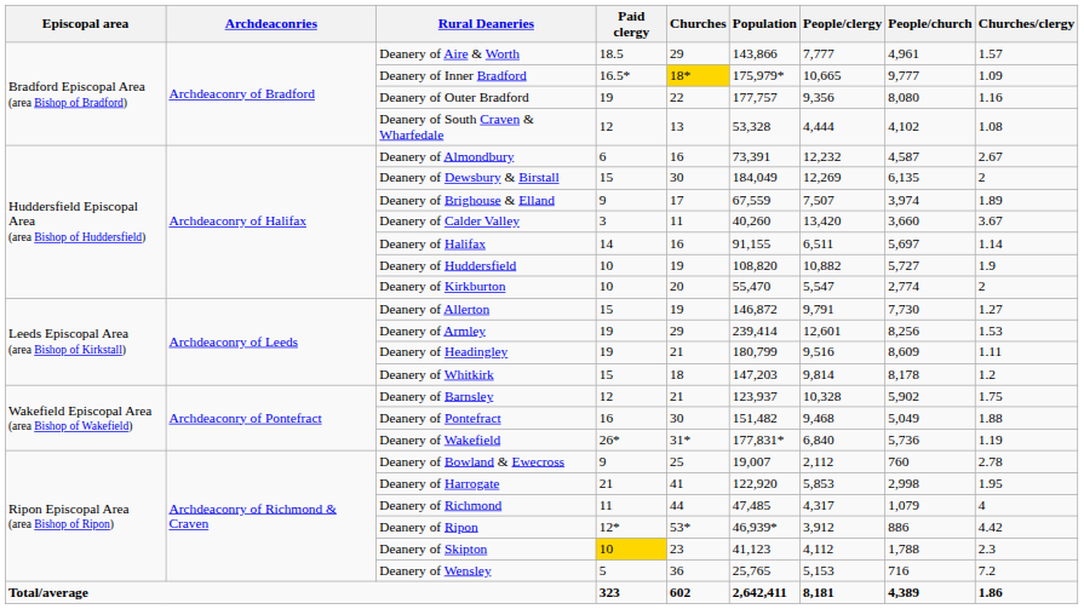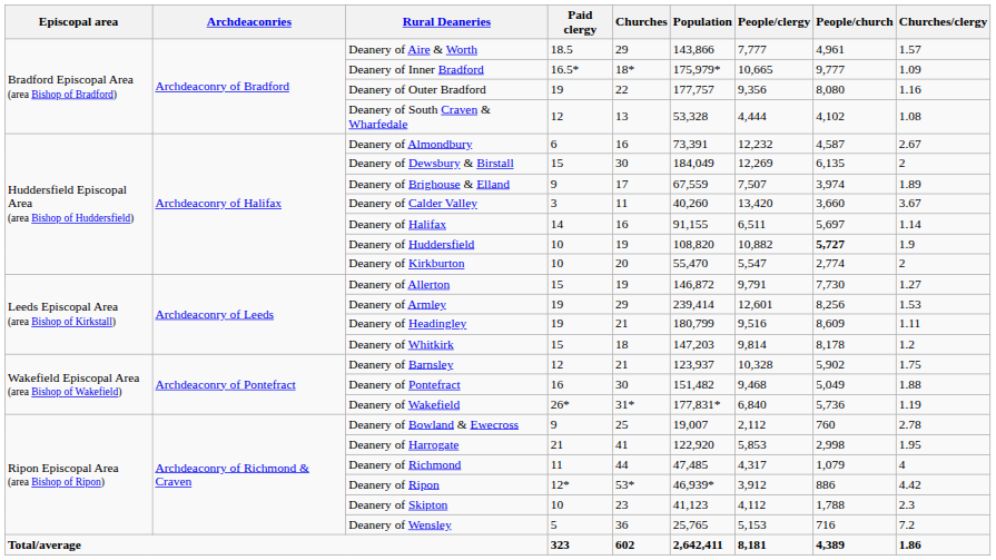 <table class="wikitable sortable">
 <tr>
 <th>Episcopal area</th>
 <th><a href='#'>Archdeaconries</a></th>
 <th><a href='#'>Rural Deaneries</a></th>
 <th>Paid clergy</th>
 <th>Churches</th>
 <th>Population</th>
 <th>People/clergy</th>
 <th>People/church</th>
 <th>Churches/clergy</th>
 </tr>
 <tr>
 <td rowspan="4">Bradford Episcopal Area<br><small>(area <a href='#'>Bishop of Bradford</a>)</small></td>
 <td rowspan="4"><a href='#'>Archdeaconry of Bradford</a></td>
 <td>Deanery of <a href='#'>Aire</a> & <a href='#'>Worth</a></td>
 <td>18.5</td>
 <td>29</td>
 <td>143,866</td>
 <td>7,777</td>
 <td>4,961</td>
 <td>1.57</td>
 </tr>
 <tr>
 <td>Deanery of Inner <a href='#'>Bradford</a></td>
 <td>16.5*</td>
-<td style="background: gold;">18*</td>
+<td>18*</td>
 <td>175,979*</td>
 <td>10,665</td>
 <td>9,777</td>
 <td>1.09</td>
 </tr>
 <tr>
 <td>Deanery of Outer Bradford</td>
 <td>19</td>
 <td>22</td>
 <td>177,757</td>
 <td>9,356</td>
 <td>8,080</td>
 <td>1.16</td>
 </tr>
 <tr>
 <td>Deanery of South <a href='#'>Craven</a> & <a href='#'>Wharfedale</a></td>
 <td>12</td>
 <td>13</td>
 <td>53,328</td>
 <td>4,444</td>
 <td>4,102</td>
 <td>1.08</td>
 </tr>
 <tr>
 <td rowspan="7">Huddersfield Episcopal Area<br><small>(area <a href='#'>Bishop of Huddersfield</a>)</small></td>
 <td rowspan="7"><a href='#'>Archdeaconry of Halifax</a></td>
 <td>Deanery of <a href='#'>Almondbury</a></td>
 <td>6</td>
 <td>16</td>
 <td>73,391</td>
 <td>12,232</td>
 <td>4,587</td>
 <td>2.67</td>
 </tr>
 <tr>
 <td>Deanery of <a href='#'>Dewsbury</a> & <a href='#'>Birstall</a></td>
 <td>15</td>
 <td>30</td>
 <td>184,049</td>
 <td>12,269</td>
 <td>6,135</td>
 <td>2</td>
 </tr>
 <tr>
 <td>Deanery of <a href='#'>Brighouse</a> & <a href='#'>Elland</a></td>
 <td>9</td>
 <td>17</td>
 <td>67,559</td>
 <td>7,507</td>
 <td>3,974</td>
 <td>1.89</td>
 </tr>
 <tr>
 <td>Deanery of <a href='#'>Calder Valley</a></td>
 <td>3</td>
 <td>11</td>
 <td>40,260</td>
 <td>13,420</td>
 <td>3,660</td>
 <td>3.67</td>
 </tr>
 <tr>
 <td>Deanery of <a href='#'>Halifax</a></td>
 <td>14</td>
 <td>16</td>
 <td>91,155</td>
 <td>6,511</td>
 <td>5,697</td>
 <td>1.14</td>
 </tr>
 <tr>
 <td>Deanery of <a href='#'>Huddersfield</a></td>
 <td>10</td>
 <td>19</td>
 <td>108,820</td>
 <td>10,882</td>
-<td>5,727</td>
+<td><strong>5,727</strong></td>
 <td>1.9</td>
 </tr>
 <tr>
 <td>Deanery of <a href='#'>Kirkburton</a></td>
 <td>10</td>
 <td>20</td>
 <td>55,470</td>
 <td>5,547</td>
 <td>2,774</td>
 <td>2</td>
 </tr>
 <tr>
 <td rowspan="4">Leeds Episcopal Area<br><small>(area <a href='#'>Bishop of Kirkstall</a>)</small></td>
 <td rowspan="4"><a href='#'>Archdeaconry of Leeds</a></td>
 <td>Deanery of <a href='#'>Allerton</a></td>
 <td>15</td>
 <td>19</td>
 <td>146,872</td>
 <td>9,791</td>
 <td>7,730</td>
 <td>1.27</td>
 </tr>
 <tr>
 <td>Deanery of <a href='#'>Armley</a></td>
 <td>19</td>
 <td>29</td>
 <td>239,414</td>
 <td>12,601</td>
 <td>8,256</td>
 <td>1.53</td>
 </tr>
 <tr>
 <td>Deanery of <a href='#'>Headingley</a></td>
 <td>19</td>
 <td>21</td>
 <td>180,799</td>
 <td>9,516</td>
 <td>8,609</td>
 <td>1.11</td>
 </tr>
 <tr>
 <td>Deanery of <a href='#'>Whitkirk</a></td>
 <td>15</td>
 <td>18</td>
 <td>147,203</td>
 <td>9,814</td>
 <td>8,178</td>
 <td>1.2</td>
 </tr>
 <tr>
 <td rowspan="3">Wakefield Episcopal Area<br><small>(area <a href='#'>Bishop of Wakefield</a>)</small></td>
 <td rowspan="3"><a href='#'>Archdeaconry of Pontefract</a></td>
 <td>Deanery of <a href='#'>Barnsley</a></td>
 <td>12</td>
 <td>21</td>
 <td>123,937</td>
 <td>10,328</td>
 <td>5,902</td>
 <td>1.75</td>
 </tr>
 <tr>
 <td>Deanery of <a href='#'>Pontefract</a></td>
 <td>16</td>
 <td>30</td>
 <td>151,482</td>
 <td>9,468</td>
 <td>5,049</td>
 <td>1.88</td>
 </tr>
 <tr>
 <td>Deanery of <a href='#'>Wakefield</a></td>
 <td>26*</td>
 <td>31*</td>
 <td>177,831*</td>
 <td>6,840</td>
 <td>5,736</td>
 <td>1.19</td>
 </tr>
 <tr>
 <td rowspan="6">Ripon Episcopal Area<br><small>(area <a href='#'>Bishop of Ripon</a>)</small></td>
 <td rowspan="6"><a href='#'>Archdeaconry of Richmond & Craven</a></td>
 <td>Deanery of <a href='#'>Bowland</a> & <a href='#'>Ewecross</a></td>
 <td>9</td>
 <td>25</td>
 <td>19,007</td>
 <td>2,112</td>
 <td>760</td>
 <td>2.78</td>
 </tr>
 <tr>
 <td>Deanery of <a href='#'>Harrogate</a></td>
 <td>21</td>
 <td>41</td>
 <td>122,920</td>
 <td>5,853</td>
 <td>2,998</td>
 <td>1.95</td>
 </tr>
 <tr>
 <td>Deanery of <a href='#'>Richmond</a></td>
 <td>11</td>
 <td>44</td>
 <td>47,485</td>
 <td>4,317</td>
 <td>1,079</td>
 <td>4</td>
 </tr>
 <tr>
 <td>Deanery of <a href='#'>Ripon</a></td>
 <td>12*</td>
 <td>53*</td>
 <td>46,939*</td>
 <td>3,912</td>
 <td>886</td>
 <td>4.42</td>
 </tr>
 <tr>
 <td>Deanery of <a href='#'>Skipton</a></td>
-<td style="background: gold;">10</td>
+<td>10</td>
 <td>23</td>
 <td>41,123</td>
 <td>4,112</td>
 <td>1,788</td>
 <td>2.3</td>
 </tr>
 <tr>
 <td>Deanery of <a href='#'>Wensley</a></td>
 <td>5</td>
 <td>36</td>
 <td>25,765</td>
 <td>5,153</td>
 <td>716</td>
 <td>7.2</td>
 </tr>
 <tr>
 <td colspan="3"><strong>Total/average</strong></td>
 <td><strong>323</strong></td>
 <td><strong>602</strong></td>
 <td><strong>2,642,411</strong></td>
 <td><strong>8,181</strong></td>
 <td><strong>4,389</strong></td>
 <td><strong>1.86</strong></td>
 </tr>
 </table>
